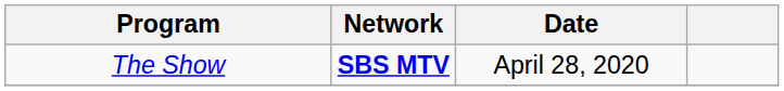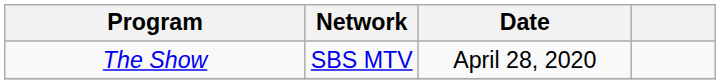 <table class="wikitable" style="text-align:center">
 <tr>
 <th width="200">Program</th>
 <th>Network</th>
 <th width="140">Date</th>
 <th width="50"></th>
 </tr>
 <tr>
 <td><em><a href='#'>The Show</a></em></td>
-<td><strong><a href='#'>SBS MTV</a></strong></td>
+<td><a href='#'>SBS MTV</a></td>
 <td>April 28, 2020</td>
 <td></td>
 </tr>
 <tr>
 </tr>
 </table>
